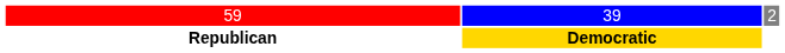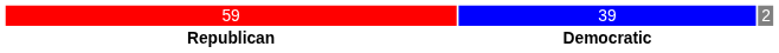 <table style="width:60%; text-align:center;">
 <tr style="color:white;">
 <td style="background:red; width:59.0%;">59</td>
 <td style="background:blue; width:39.0%;">39</td>
 <td style="background:grey; width:2.0%;">2</td>
 </tr>
 <tr>
 <td><span><strong>Republican</strong></span></td>
-<td style="background: gold;"><span><strong>Democratic</strong></span></td>
+<td><span><strong>Democratic</strong></span></td>
 </tr>
 </table>
